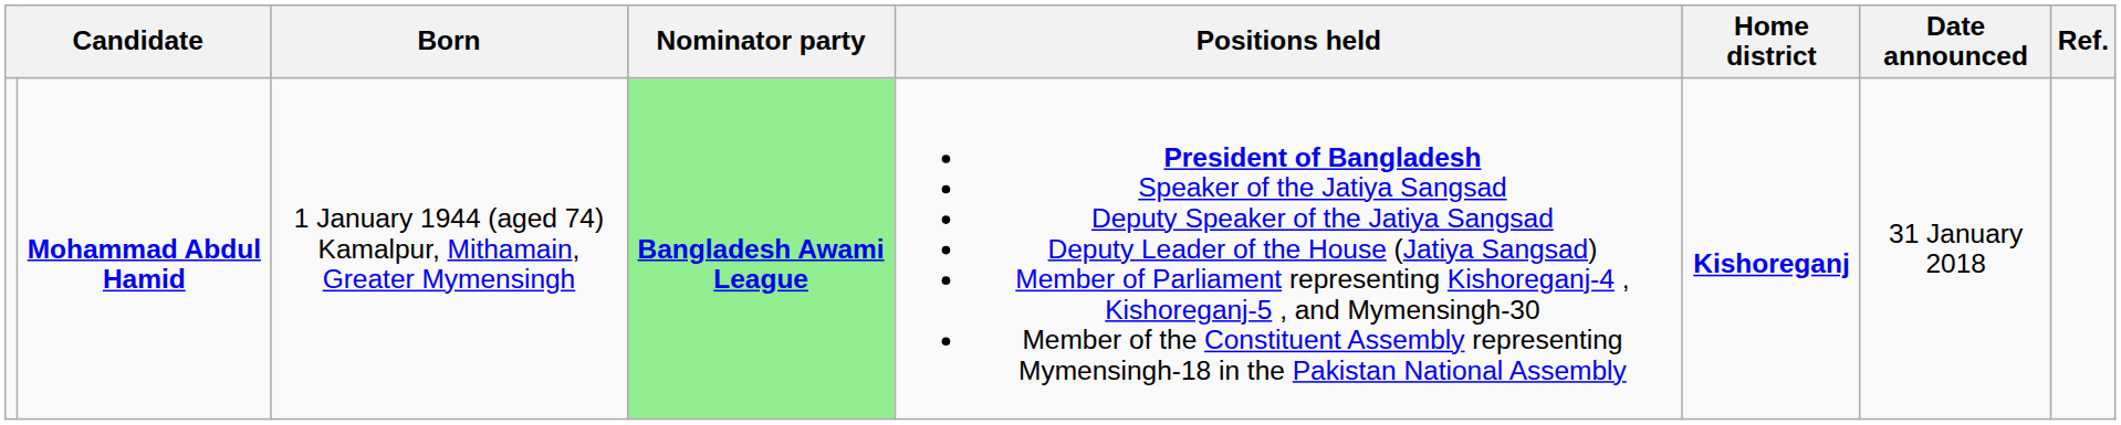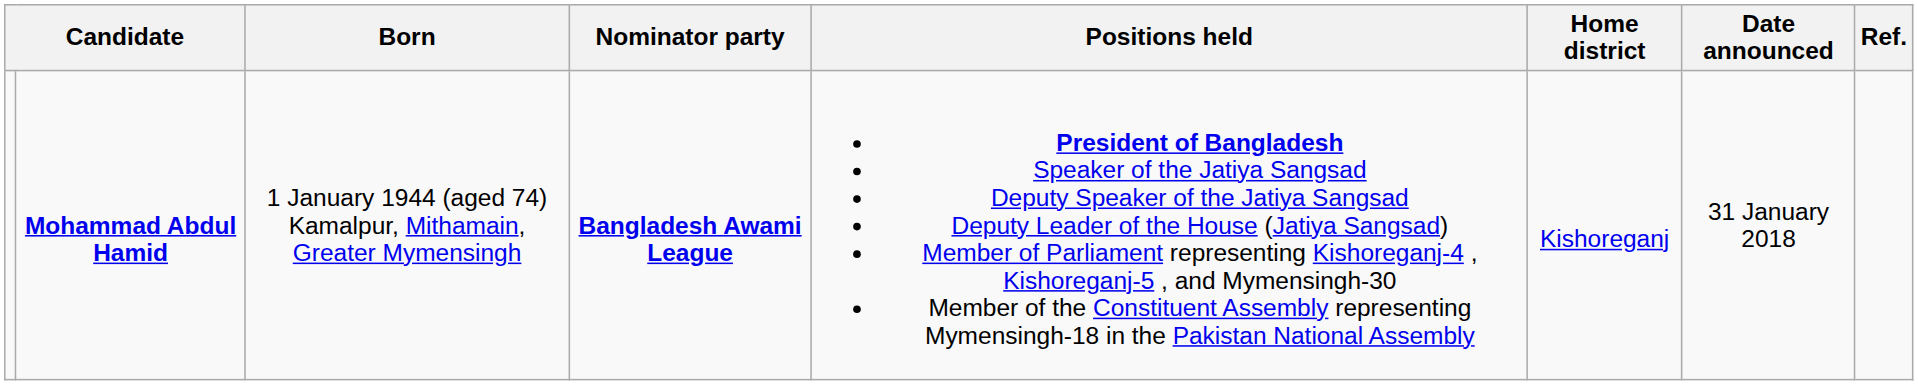 <table class="wikitable" style="text-align:center">
 <tr>
 <th colspan=2>Candidate</th>
 <th>Born</th>
 <th>Nominator party</th>
 <th>Positions held</th>
 <th>Home district</th>
 <th>Date announced</th>
 <th>Ref.</th>
 </tr>
 <tr>
 <td></td>
 <td><br><strong><a href='#'>Mohammad Abdul Hamid</a></strong></td>
 <td>1 January 1944 (aged 74) <br> Kamalpur, <a href='#'>Mithamain</a>, <a href='#'>Greater Mymensingh</a></td>
-<td style="background: lightgreen;"><br><strong><a href='#'>Bangladesh Awami League</a></strong></td>
+<td><br><strong><a href='#'>Bangladesh Awami League</a></strong></td>
 <td><br><ul><li><strong><a href='#'>President of Bangladesh</a> </strong></li><li><a href='#'>Speaker of the Jatiya Sangsad</a> </li><li><a href='#'>Deputy Speaker of the Jatiya Sangsad</a> </li><li><a href='#'>Deputy Leader of the House</a> (<a href='#'>Jatiya Sangsad</a>) </li><li><a href='#'>Member of Parliament</a> representing <a href='#'>Kishoreganj-4</a>  , <a href='#'>Kishoreganj-5</a> , and Mymensingh-30 </li><li>Member of the <a href='#'>Constituent Assembly</a> representing Mymensingh-18 in the <a href='#'>Pakistan National Assembly</a> </li></ul></td>
-<td><strong><br><a href='#'>Kishoreganj</a></strong></td>
+<td><br><a href='#'>Kishoreganj</a></td>
 <td rowspan="2">31 January 2018</td>
 <td></td>
 </tr>
 </table>
